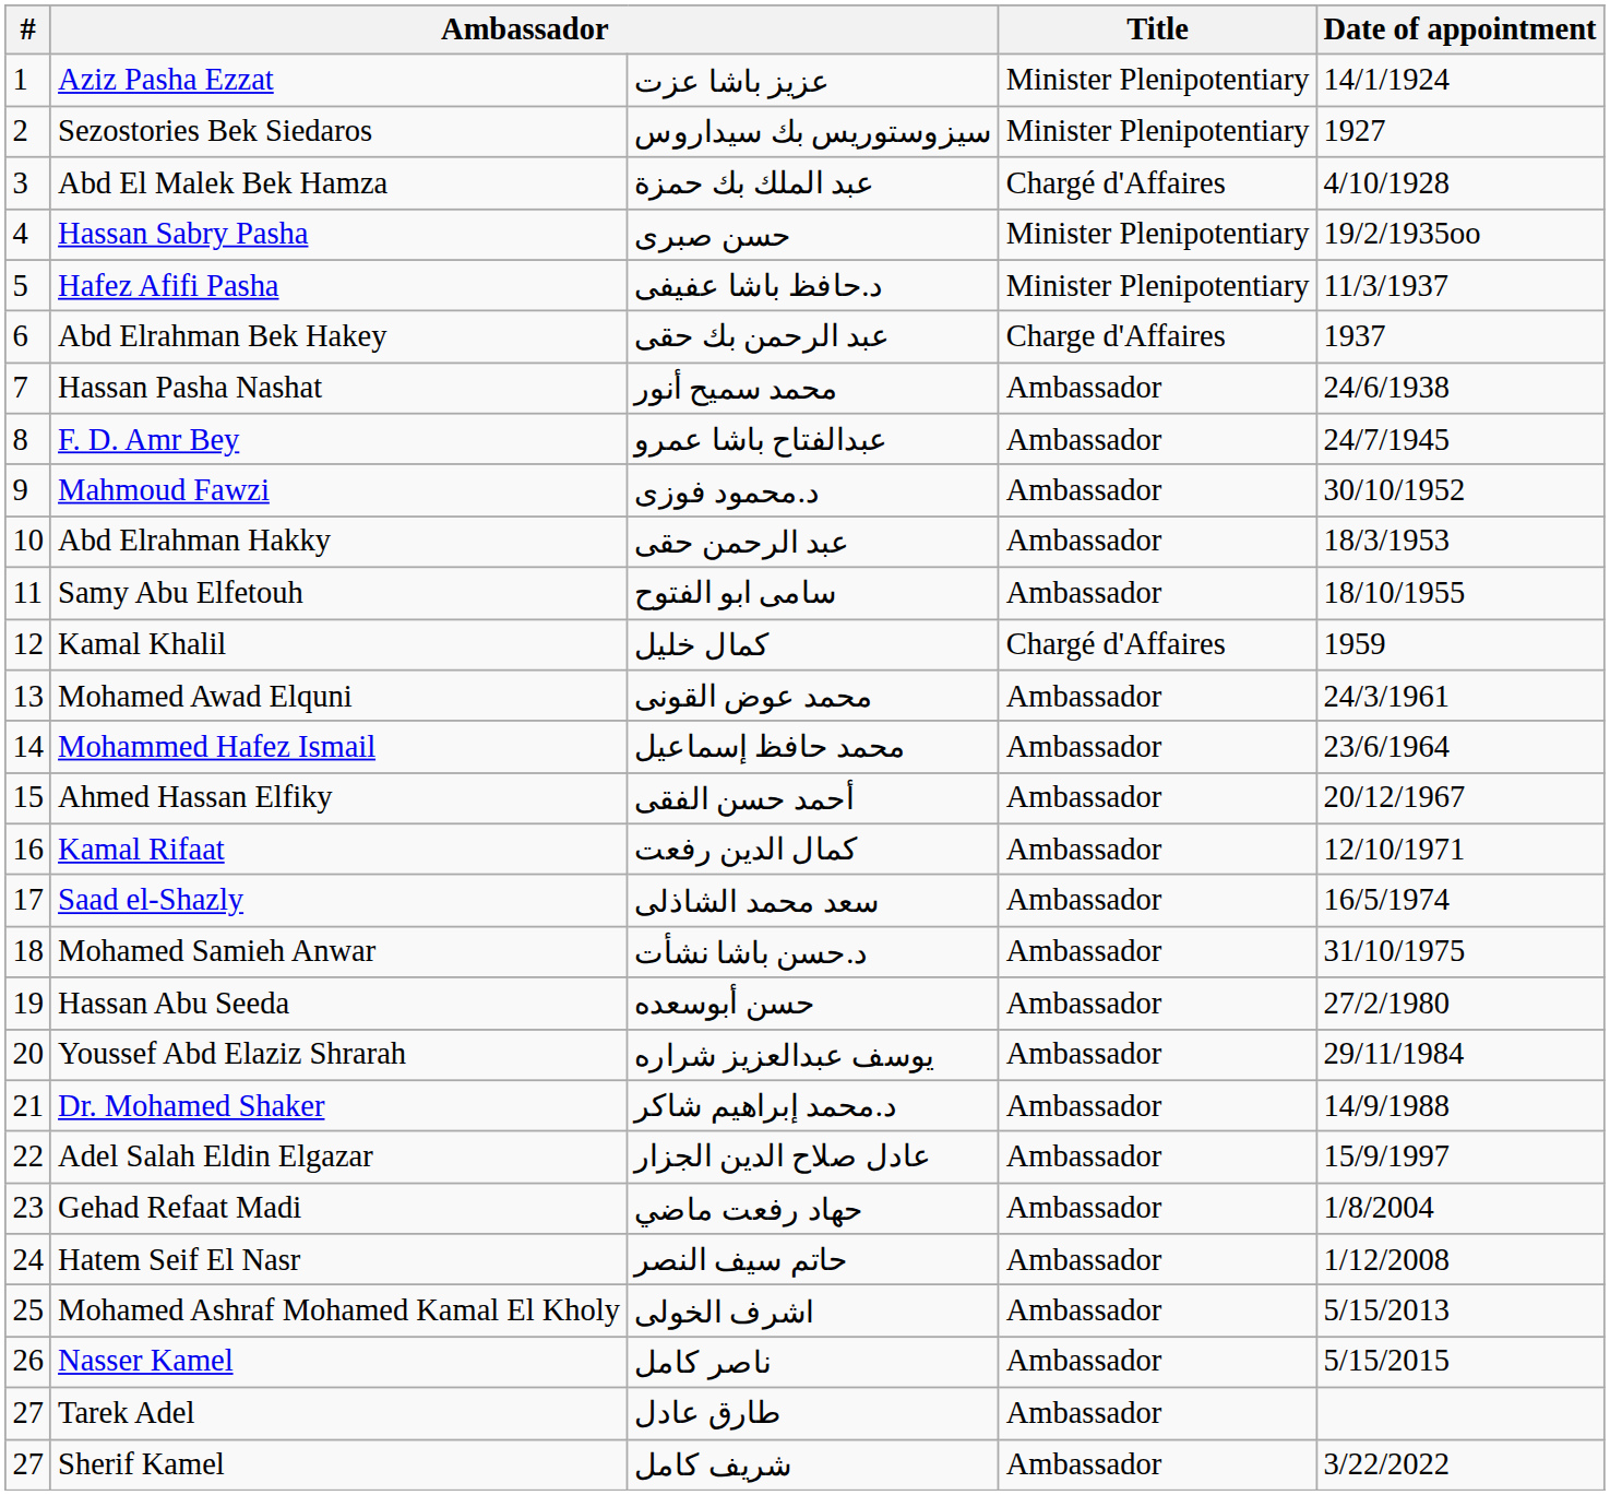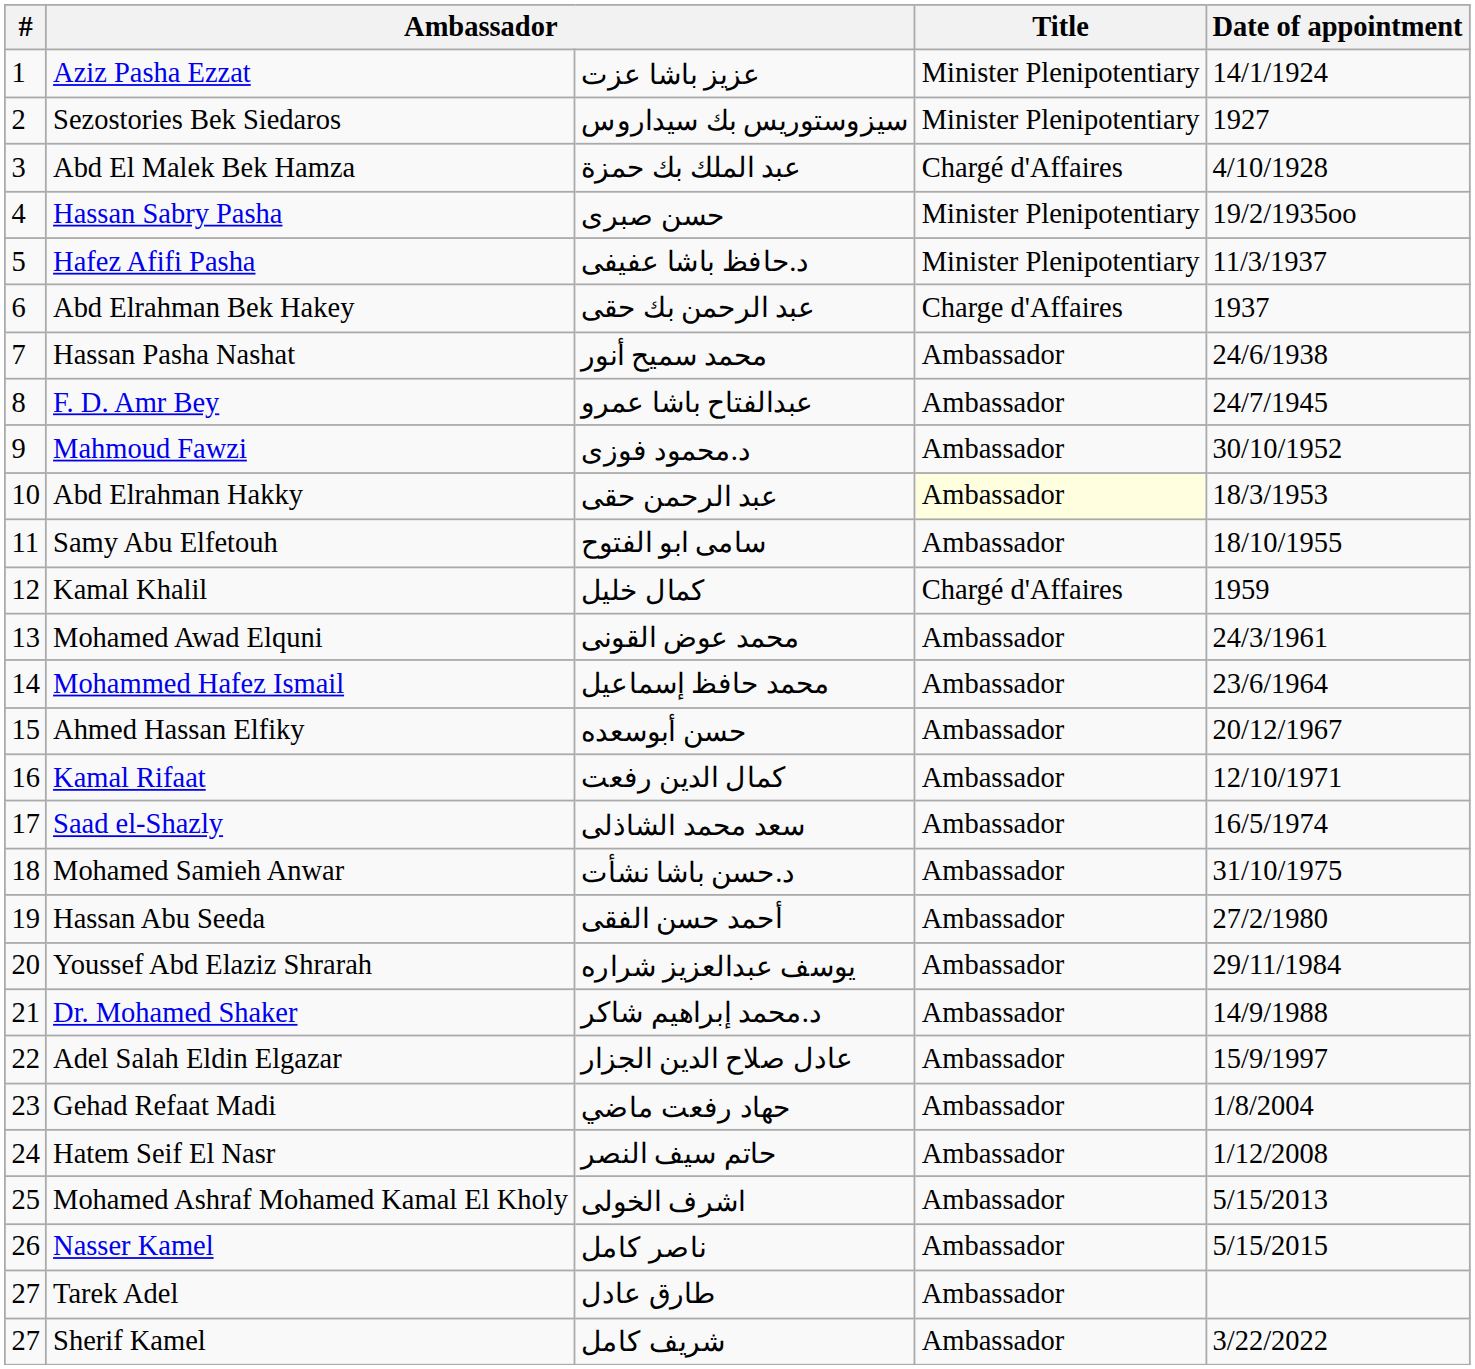 <table class="wikitable" border="1">
 <tr>
 <th>#</th>
 <th colspan=2>Ambassador</th>
 <th>Title</th>
 <th>Date of appointment</th>
 </tr>
 <tr>
 <td>1</td>
 <td><a href='#'>Aziz Pasha Ezzat</a></td>
 <td>عزيز باشا عزت</td>
 <td>Minister Plenipotentiary</td>
 <td>14/1/1924</td>
 </tr>
 <tr>
 <td>2</td>
 <td>Sezostories Bek Siedaros</td>
 <td>سيزوستوريس بك سيداروس</td>
 <td>Minister Plenipotentiary</td>
 <td>1927</td>
 </tr>
 <tr>
 <td>3</td>
 <td>Abd El Malek Bek Hamza</td>
 <td>عبد الملك بك حمزة</td>
 <td>Chargé d'Affaires</td>
 <td>4/10/1928</td>
 </tr>
 <tr>
 <td>4</td>
 <td><a href='#'>Hassan Sabry Pasha</a></td>
 <td>حسن صبرى</td>
 <td>Minister Plenipotentiary</td>
 <td>19/2/1935oo</td>
 </tr>
 <tr>
 <td>5</td>
 <td><a href='#'>Hafez Afifi Pasha</a></td>
 <td>د.حافظ باشا عفيفى</td>
 <td>Minister Plenipotentiary</td>
 <td>11/3/1937</td>
 </tr>
 <tr>
 <td>6</td>
 <td>Abd Elrahman Bek Hakey</td>
 <td>عبد الرحمن بك حقى</td>
 <td>Charge d'Affaires</td>
 <td>1937</td>
 </tr>
 <tr>
 <td>7</td>
 <td>Hassan Pasha Nashat</td>
 <td>محمد سميح أنور</td>
 <td>Ambassador</td>
 <td>24/6/1938</td>
 </tr>
 <tr>
 <td>8</td>
 <td><a href='#'>F. D. Amr Bey</a></td>
 <td>عبدالفتاح باشا عمرو</td>
 <td>Ambassador</td>
 <td>24/7/1945</td>
 </tr>
 <tr>
 <td>9</td>
 <td><a href='#'>Mahmoud Fawzi</a></td>
 <td>د.محمود فوزى</td>
 <td>Ambassador</td>
 <td>30/10/1952</td>
 </tr>
 <tr>
 <td>10</td>
 <td>Abd Elrahman Hakky</td>
 <td>عبد الرحمن حقى</td>
-<td>Ambassador</td>
+<td style="background: lightyellow;">Ambassador</td>
 <td>18/3/1953</td>
 </tr>
 <tr>
 <td>11</td>
 <td>Samy Abu Elfetouh</td>
 <td>سامى ابو الفتوح</td>
 <td>Ambassador</td>
 <td>18/10/1955</td>
 </tr>
 <tr>
 <td>12</td>
 <td>Kamal Khalil</td>
 <td>كمال خليل</td>
 <td>Chargé d'Affaires</td>
 <td>1959</td>
 </tr>
 <tr>
 <td>13</td>
 <td>Mohamed Awad Elquni</td>
 <td>محمد عوض القونى</td>
 <td>Ambassador</td>
 <td>24/3/1961</td>
 </tr>
 <tr>
 <td>14</td>
 <td><a href='#'>Mohammed Hafez Ismail</a></td>
 <td>محمد حافظ إسماعيل</td>
 <td>Ambassador</td>
 <td>23/6/1964</td>
 </tr>
 <tr>
 <td>15</td>
 <td>Ahmed Hassan Elfiky</td>
-<td>أحمد حسن الفقى</td>
+<td>حسن أبوسعده</td>
 <td>Ambassador</td>
 <td>20/12/1967</td>
 </tr>
 <tr>
 <td>16</td>
 <td><a href='#'>Kamal Rifaat</a></td>
 <td>كمال الدين رفعت</td>
 <td>Ambassador</td>
 <td>12/10/1971</td>
 </tr>
 <tr>
 <td>17</td>
 <td><a href='#'>Saad el-Shazly</a></td>
 <td>سعد محمد الشاذلى</td>
 <td>Ambassador</td>
 <td>16/5/1974</td>
 </tr>
 <tr>
 <td>18</td>
 <td>Mohamed Samieh Anwar</td>
 <td>د.حسن باشا نشأت</td>
 <td>Ambassador</td>
 <td>31/10/1975</td>
 </tr>
 <tr>
 <td>19</td>
 <td>Hassan Abu Seeda</td>
-<td>حسن أبوسعده</td>
+<td>أحمد حسن الفقى</td>
 <td>Ambassador</td>
 <td>27/2/1980</td>
 </tr>
 <tr>
 <td>20</td>
 <td>Youssef Abd Elaziz Shrarah</td>
 <td>يوسف عبدالعزيز شراره</td>
 <td>Ambassador</td>
 <td>29/11/1984</td>
 </tr>
 <tr>
 <td>21</td>
 <td><a href='#'>Dr. Mohamed Shaker</a></td>
 <td>د.محمد إبراهيم شاكر</td>
 <td>Ambassador</td>
 <td>14/9/1988</td>
 </tr>
 <tr>
 <td>22</td>
 <td>Adel Salah Eldin Elgazar</td>
 <td>عادل صلاح الدين الجزار</td>
 <td>Ambassador</td>
 <td>15/9/1997</td>
 </tr>
 <tr>
 <td>23</td>
 <td>Gehad Refaat Madi</td>
 <td>حهاد رفعت ماضي</td>
 <td>Ambassador</td>
 <td>1/8/2004</td>
 </tr>
 <tr>
 <td>24</td>
 <td>Hatem Seif El Nasr</td>
 <td>حاتم سيف النصر</td>
 <td>Ambassador</td>
 <td>1/12/2008</td>
 </tr>
 <tr>
 <td>25</td>
 <td>Mohamed Ashraf Mohamed Kamal El Kholy</td>
 <td>اشرف الخولى</td>
 <td>Ambassador</td>
 <td>5/15/2013</td>
 </tr>
 <tr>
 <td>26</td>
 <td><a href='#'>Nasser Kamel</a></td>
 <td>ناصر كامل</td>
 <td>Ambassador</td>
 <td>5/15/2015</td>
 </tr>
 <tr>
 <td>27</td>
 <td>Tarek Adel</td>
 <td>طارق عادل</td>
 <td>Ambassador</td>
 <td></td>
 </tr>
 <tr>
 <td>27</td>
 <td>Sherif Kamel</td>
 <td>شريف كامل</td>
 <td>Ambassador</td>
 <td>3/22/2022</td>
 </tr>
 <tr>
 </tr>
 </table>
